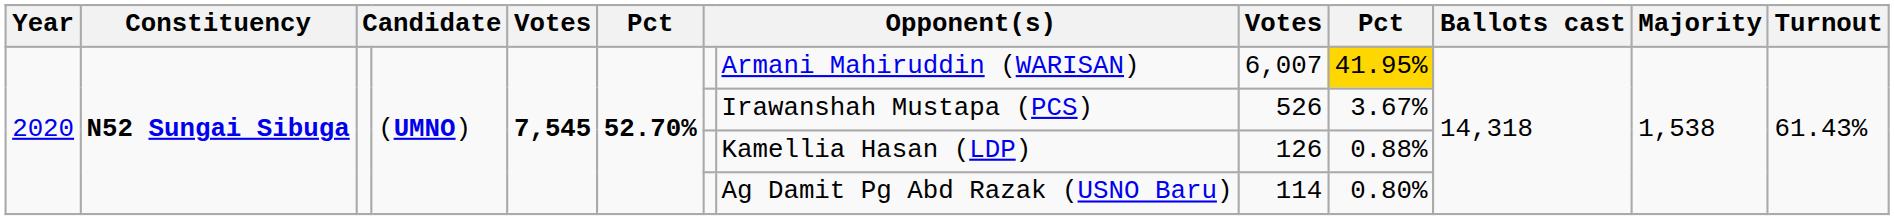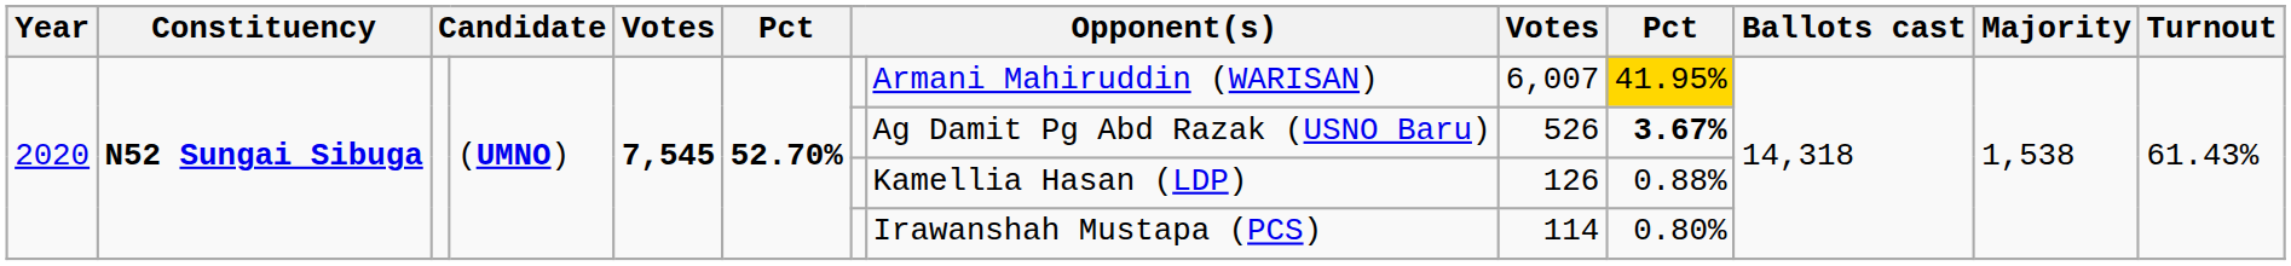 <table class="wikitable" style="margin:0.5em ; font-size:95%">
 <tr>
 <th>Year</th>
 <th>Constituency</th>
 <th colspan=2>Candidate</th>
 <th>Votes</th>
 <th>Pct</th>
 <th colspan=2>Opponent(s)</th>
 <th>Votes</th>
 <th>Pct</th>
 <th>Ballots cast</th>
 <th>Majority</th>
 <th>Turnout</th>
 </tr>
 <tr>
 <td rowspan=4><a href='#'>2020</a></td>
 <td rowspan=4><strong>N52 <a href='#'>Sungai Sibuga</a></strong></td>
 <td rowspan=4 ></td>
 <td rowspan=4> (<a href='#'><strong>UMNO</strong></a>)</td>
 <td rowspan=4 align="right"><strong>7,545</strong></td>
 <td rowspan=4><strong>52.70%</strong></td>
 <td></td>
 <td><a href='#'>Armani Mahiruddin</a> (<a href='#'>WARISAN</a>)</td>
 <td align="right">6,007</td>
 <td style="background: gold;">41.95%</td>
 <td rowspan=4>14,318</td>
 <td rowspan=4>1,538</td>
 <td rowspan=4>61.43%</td>
 </tr>
 <tr>
 <td></td>
-<td>Irawanshah Mustapa (<a href='#'>PCS</a>)</td>
+<td>Ag Damit Pg Abd Razak (<a href='#'>USNO Baru</a>)</td>
 <td align="right">526</td>
-<td align="right">3.67%</td>
+<td align="right"><strong>3.67%</strong></td>
 </tr>
 <tr>
 <td></td>
 <td>Kamellia Hasan (<a href='#'>LDP</a>)</td>
 <td align="right">126</td>
 <td align="right">0.88%</td>
 </tr>
 <tr>
 <td bgcolor=></td>
-<td>Ag Damit Pg Abd Razak (<a href='#'>USNO Baru</a>)</td>
+<td>Irawanshah Mustapa (<a href='#'>PCS</a>)</td>
 <td align="right">114</td>
 <td align="right">0.80%</td>
 </tr>
 </table>
